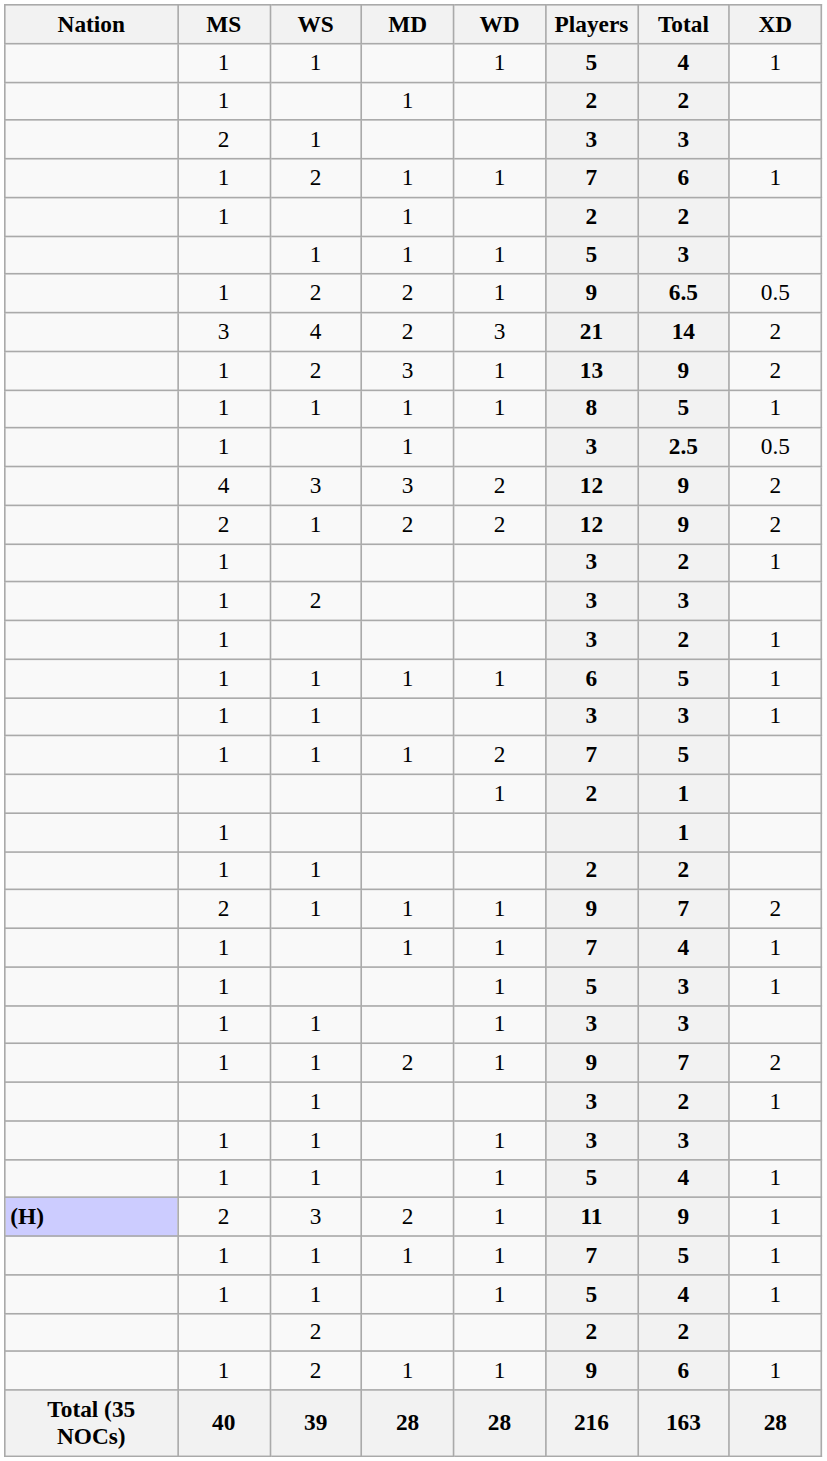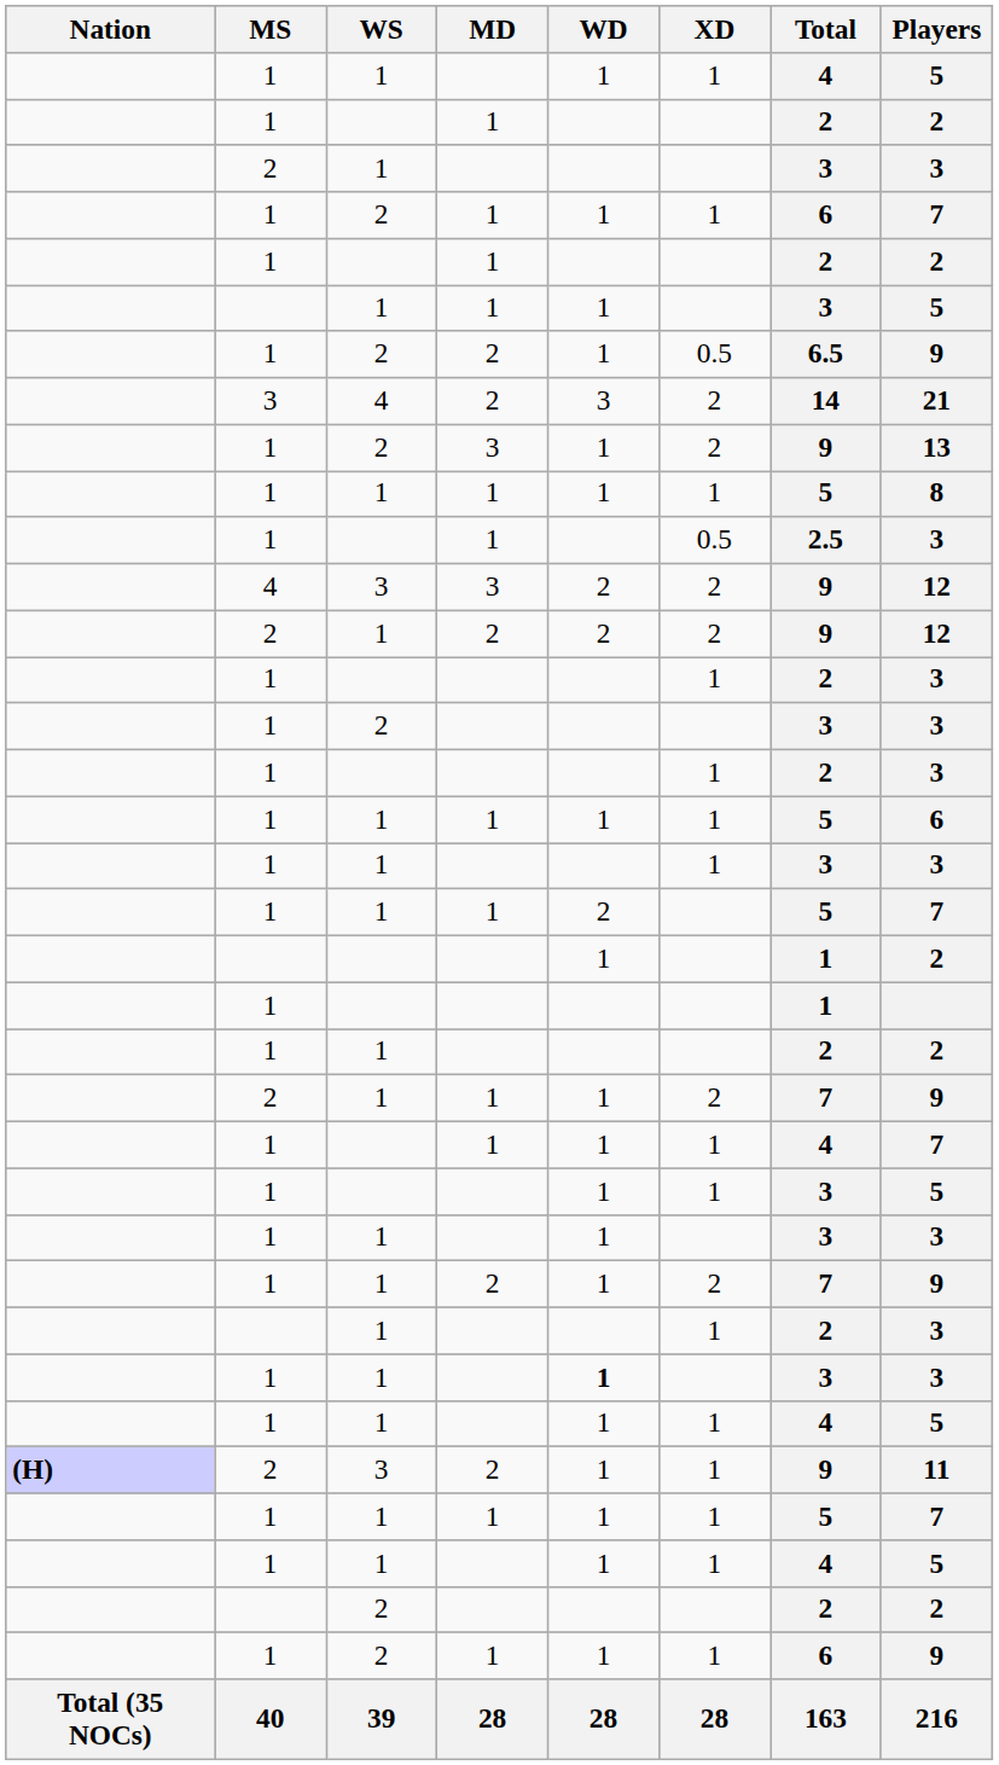 <table class="sortable wikitable" style="font-size:90%; text-align:center">
 <tr>
 <th width="100">Nation</th>
 <th width="50">MS</th>
 <th width="50">WS</th>
 <th width="50">MD</th>
 <th width="50">WD</th>
+<th width="50">XD</th>
+<th width="50">Total</th>
 <th width="50">Players</th>
-<th width="50">Total</th>
-<th width="50">XD</th>
 </tr>
 <tr>
 <td align="left"></td>
 <td>1</td>
 <td>1</td>
 <td></td>
 <td>1</td>
+<td>1</td>
+<th>4</th>
 <th>5</th>
-<th>4</th>
-<td>1</td>
 </tr>
 <tr>
 <td align="left"></td>
 <td>1</td>
 <td></td>
 <td>1</td>
 <td></td>
+<td></td>
 <th>2</th>
 <th>2</th>
-<td></td>
 </tr>
 <tr>
 <td align="left"></td>
 <td>2</td>
 <td>1</td>
 <td></td>
 <td></td>
+<td></td>
 <th>3</th>
 <th>3</th>
-<td></td>
 </tr>
 <tr>
 <td align="left"></td>
 <td>1</td>
 <td>2</td>
 <td>1</td>
 <td>1</td>
+<td>1</td>
+<th>6</th>
 <th>7</th>
-<th>6</th>
-<td>1</td>
 </tr>
 <tr>
 <td align="left"></td>
 <td>1</td>
 <td></td>
 <td>1</td>
 <td></td>
+<td></td>
 <th>2</th>
 <th>2</th>
-<td></td>
 </tr>
 <tr>
 <td align="left"></td>
 <td></td>
 <td>1</td>
 <td>1</td>
 <td>1</td>
+<td></td>
+<th>3</th>
 <th>5</th>
-<th>3</th>
-<td></td>
 </tr>
 <tr>
 <td align="left"></td>
 <td>1</td>
 <td>2</td>
 <td>2</td>
 <td>1</td>
+<td>0.5</td>
+<th>6.5</th>
 <th>9</th>
-<th>6.5</th>
-<td>0.5</td>
 </tr>
 <tr>
 <td align="left"></td>
 <td>3</td>
 <td>4</td>
 <td>2</td>
 <td>3</td>
+<td>2</td>
+<th>14</th>
 <th>21</th>
-<th>14</th>
-<td>2</td>
 </tr>
 <tr>
 <td align="left"></td>
 <td>1</td>
 <td>2</td>
 <td>3</td>
 <td>1</td>
+<td>2</td>
+<th>9</th>
 <th>13</th>
-<th>9</th>
-<td>2</td>
 </tr>
 <tr>
 <td align="left"></td>
 <td>1</td>
 <td>1</td>
 <td>1</td>
 <td>1</td>
+<td>1</td>
+<th>5</th>
 <th>8</th>
-<th>5</th>
-<td>1</td>
 </tr>
 <tr>
 <td align="left"></td>
 <td>1</td>
 <td></td>
 <td>1</td>
 <td></td>
+<td>0.5</td>
+<th>2.5</th>
 <th>3</th>
-<th>2.5</th>
-<td>0.5</td>
 </tr>
 <tr>
 <td align="left"></td>
 <td>4</td>
 <td>3</td>
 <td>3</td>
 <td>2</td>
+<td>2</td>
+<th>9</th>
 <th>12</th>
-<th>9</th>
-<td>2</td>
 </tr>
 <tr>
 <td align="left"></td>
 <td>2</td>
 <td>1</td>
 <td>2</td>
 <td>2</td>
+<td>2</td>
+<th>9</th>
 <th>12</th>
-<th>9</th>
-<td>2</td>
 </tr>
 <tr>
 <td align="left"></td>
 <td>1</td>
 <td></td>
 <td></td>
 <td></td>
+<td>1</td>
+<th>2</th>
 <th>3</th>
-<th>2</th>
-<td>1</td>
 </tr>
 <tr>
 <td align="left"></td>
 <td>1</td>
 <td>2</td>
 <td></td>
 <td></td>
+<td></td>
 <th>3</th>
 <th>3</th>
-<td></td>
 </tr>
 <tr>
 <td align="left"></td>
 <td>1</td>
 <td></td>
 <td></td>
 <td></td>
+<td>1</td>
+<th>2</th>
 <th>3</th>
-<th>2</th>
-<td>1</td>
 </tr>
 <tr>
 <td align="left"></td>
 <td>1</td>
 <td>1</td>
 <td>1</td>
 <td>1</td>
+<td>1</td>
+<th>5</th>
 <th>6</th>
-<th>5</th>
-<td>1</td>
 </tr>
 <tr>
 <td align="left"></td>
 <td>1</td>
 <td>1</td>
 <td></td>
 <td></td>
+<td>1</td>
 <th>3</th>
 <th>3</th>
-<td>1</td>
 </tr>
 <tr>
 <td align="left"></td>
 <td>1</td>
 <td>1</td>
 <td>1</td>
 <td>2</td>
+<td></td>
+<th>5</th>
 <th>7</th>
-<th>5</th>
-<td></td>
 </tr>
 <tr>
 <td align="left"></td>
 <td></td>
 <td></td>
 <td></td>
 <td>1</td>
+<td></td>
+<th>1</th>
 <th>2</th>
-<th>1</th>
-<td></td>
 </tr>
 <tr>
 <td align="left"></td>
 <td>1</td>
 <td></td>
 <td></td>
 <td></td>
+<td></td>
+<th>1</th>
 <th></th>
-<th>1</th>
-<td></td>
 </tr>
 <tr>
 <td align="left"></td>
 <td>1</td>
 <td>1</td>
 <td></td>
 <td></td>
+<td></td>
 <th>2</th>
 <th>2</th>
-<td></td>
 </tr>
 <tr>
 <td align="left"></td>
 <td>2</td>
 <td>1</td>
 <td>1</td>
 <td>1</td>
+<td>2</td>
+<th>7</th>
 <th>9</th>
-<th>7</th>
-<td>2</td>
 </tr>
 <tr>
 <td align="left"></td>
 <td>1</td>
 <td></td>
 <td>1</td>
 <td>1</td>
+<td>1</td>
+<th>4</th>
 <th>7</th>
-<th>4</th>
-<td>1</td>
 </tr>
 <tr>
 <td align="left"></td>
 <td>1</td>
 <td></td>
 <td></td>
 <td>1</td>
+<td>1</td>
+<th>3</th>
 <th>5</th>
-<th>3</th>
-<td>1</td>
 </tr>
 <tr>
 <td align="left"></td>
 <td>1</td>
 <td>1</td>
 <td></td>
 <td>1</td>
+<td></td>
 <th>3</th>
 <th>3</th>
-<td></td>
 </tr>
 <tr>
 <td align="left"></td>
 <td>1</td>
 <td>1</td>
 <td>2</td>
 <td>1</td>
+<td>2</td>
+<th>7</th>
 <th>9</th>
-<th>7</th>
-<td>2</td>
 </tr>
 <tr>
 <td align="left"></td>
 <td></td>
 <td>1</td>
 <td></td>
 <td></td>
+<td>1</td>
+<th>2</th>
 <th>3</th>
-<th>2</th>
+</tr>
+<tr>
+<td align="left"></td>
 <td>1</td>
+<td>1</td>
+<td></td>
+<td><strong>1</strong></td>
+<td></td>
+<th>3</th>
+<th>3</th>
 </tr>
 <tr>
 <td align="left"></td>
 <td>1</td>
 <td>1</td>
 <td></td>
 <td>1</td>
-<th>3</th>
-<th>3</th>
-<td></td>
+<td>1</td>
+<th>4</th>
+<th>5</th>
+</tr>
+<tr>
+<td align="left" bgcolor="#CCCCFF"> <strong>(H)</strong></td>
+<td>2</td>
+<td>3</td>
+<td>2</td>
+<td>1</td>
+<td>1</td>
+<th>9</th>
+<th>11</th>
+</tr>
+<tr>
+<td align="left"></td>
+<td>1</td>
+<td>1</td>
+<td>1</td>
+<td>1</td>
+<td>1</td>
+<th>5</th>
+<th>7</th>
 </tr>
 <tr>
 <td align="left"></td>
 <td>1</td>
 <td>1</td>
 <td></td>
 <td>1</td>
+<td>1</td>
+<th>4</th>
 <th>5</th>
-<th>4</th>
-<td>1</td>
-</tr>
-<tr>
-<td align="left" bgcolor="#CCCCFF"> <strong>(H)</strong></td>
-<td>2</td>
-<td>3</td>
-<td>2</td>
-<td>1</td>
-<th>11</th>
-<th>9</th>
-<td>1</td>
-</tr>
-<tr>
-<td align="left"></td>
-<td>1</td>
-<td>1</td>
-<td>1</td>
-<td>1</td>
-<th>7</th>
-<th>5</th>
-<td>1</td>
-</tr>
-<tr>
-<td align="left"></td>
-<td>1</td>
-<td>1</td>
-<td></td>
-<td>1</td>
-<th>5</th>
-<th>4</th>
-<td>1</td>
 </tr>
 <tr>
 <td align="left"></td>
 <td></td>
 <td>2</td>
 <td></td>
 <td></td>
+<td></td>
 <th>2</th>
 <th>2</th>
-<td></td>
 </tr>
 <tr>
 <td align="left"></td>
 <td>1</td>
 <td>2</td>
 <td>1</td>
 <td>1</td>
+<td>1</td>
+<th>6</th>
 <th>9</th>
-<th>6</th>
-<td>1</td>
 </tr>
 <tr>
 <th>Total (35 NOCs)</th>
 <th>40</th>
 <th>39</th>
 <th>28</th>
 <th>28</th>
+<th>28</th>
+<th>163</th>
 <th>216</th>
-<th>163</th>
-<th>28</th>
 </tr>
 </table>
